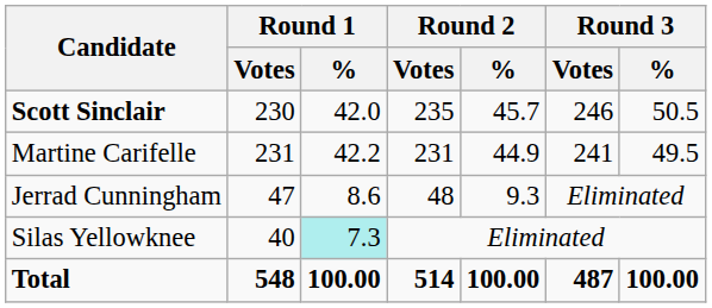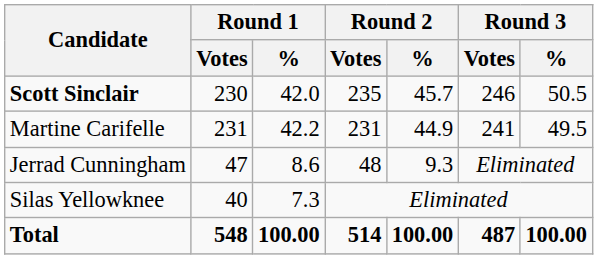 <table class="wikitable">
 <tr>
 <th rowspan=2>Candidate</th>
 <th colspan=2>Round 1</th>
 <th colspan=2>Round 2</th>
 <th colspan=2>Round 3</th>
 </tr>
 <tr>
 <th>Votes</th>
 <th>%</th>
 <th>Votes</th>
 <th>%</th>
 <th>Votes</th>
 <th>%</th>
 </tr>
 <tr>
 <td><strong>Scott Sinclair</strong></td>
 <td style="text-align:right">230</td>
 <td style="text-align:right">42.0</td>
 <td style="text-align:right">235</td>
 <td style="text-align:right">45.7</td>
 <td style="text-align:right">246</td>
 <td style="text-align:right">50.5</td>
 </tr>
 <tr>
 <td>Martine Carifelle</td>
 <td style="text-align:right">231</td>
 <td style="text-align:right">42.2</td>
 <td style="text-align:right">231</td>
 <td style="text-align:right">44.9</td>
 <td style="text-align:right">241</td>
 <td style="text-align:right">49.5</td>
 </tr>
 <tr>
 <td>Jerrad Cunningham</td>
 <td style="text-align:right">47</td>
 <td style="text-align:right">8.6</td>
 <td style="text-align:right">48</td>
 <td style="text-align:right">9.3</td>
 <td colspan="4" style="text-align:center"><em>Eliminated</em></td>
 </tr>
 <tr>
 <td>Silas Yellowknee</td>
 <td style="text-align:right">40</td>
-<td style="background: paleturquoise; text-align:right">7.3</td>
+<td style="text-align:right">7.3</td>
 <td colspan="4" style="text-align:center"><em>Eliminated</em></td>
 </tr>
 <tr>
 <td><strong>Total</strong></td>
 <td style="text-align:right"><strong>548</strong></td>
 <td style="text-align:right"><strong>100.00</strong></td>
 <td style="text-align:right"><strong>514</strong></td>
 <td style="text-align:right"><strong>100.00</strong></td>
 <td style="text-align:right"><strong>487</strong></td>
 <td style="text-align:right"><strong>100.00</strong></td>
 </tr>
 </table>
